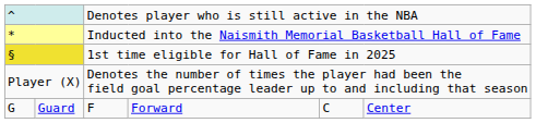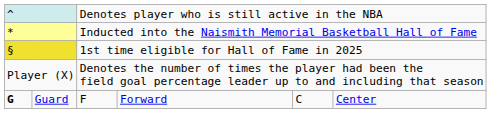 <table class="wikitable">
 <tr>
 <td style="background:#cfecec; width:6em;" colspan="2">^</td>
 <td colspan=5>Denotes player who is still active in the NBA</td>
 </tr>
 <tr>
 <td style="background-color:#FFFF99; width:6em" colspan=2>*</td>
 <td colspan=5>Inducted into the <a href='#'>Naismith Memorial Basketball Hall of Fame</a></td>
 </tr>
 <tr>
 <td style="background:#F0E130; width:1em" colspan=2>§</td>
 <td colspan=5>1st time eligible for Hall of Fame in 2025</td>
 </tr>
 <tr>
 <td colspan=2>Player (X)</td>
 <td colspan=5>Denotes the number of times the player had been the<br>field goal percentage leader up to and including that season</td>
 </tr>
 <tr>
-<td style="width:2em">G</td>
+<td style="width:2em"><strong>G</strong></td>
 <td colspan=2><a href='#'>Guard</a></td>
 <td>F</td>
 <td><a href='#'>Forward</a></td>
 <td>C</td>
 <td><a href='#'>Center</a></td>
 </tr>
 </table>
